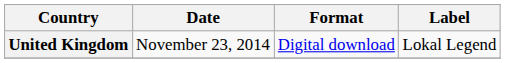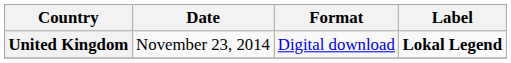 <table class="wikitable plainrowheaders">
 <tr>
 <th scope="col">Country</th>
 <th scope="col">Date</th>
 <th scope="col">Format</th>
 <th scope="col">Label</th>
 </tr>
 <tr>
 <th scope="row">United Kingdom</th>
 <td>November 23, 2014</td>
 <td><a href='#'>Digital download</a></td>
-<td>Lokal Legend</td>
+<td><strong>Lokal Legend</strong></td>
 </tr>
 <tr>
 </tr>
 </table>
